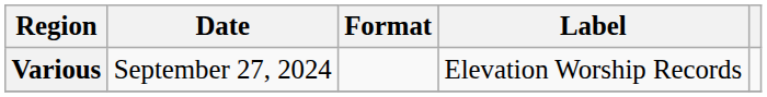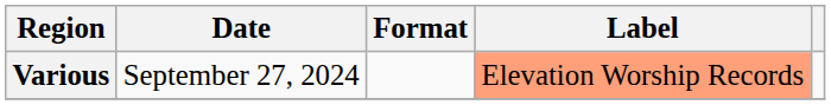 <table class="wikitable plainrowheaders">
 <tr>
 <th scope="col">Region</th>
 <th scope="col">Date</th>
 <th scope="col">Format</th>
 <th scope="col">Label</th>
 <th scope="col"></th>
 </tr>
 <tr>
 <th scope="row">Various</th>
 <td>September 27, 2024</td>
 <td></td>
-<td>Elevation Worship Records</td>
+<td style="background: lightsalmon;">Elevation Worship Records</td>
 <td></td>
 </tr>
 <tr>
 </tr>
 </table>
